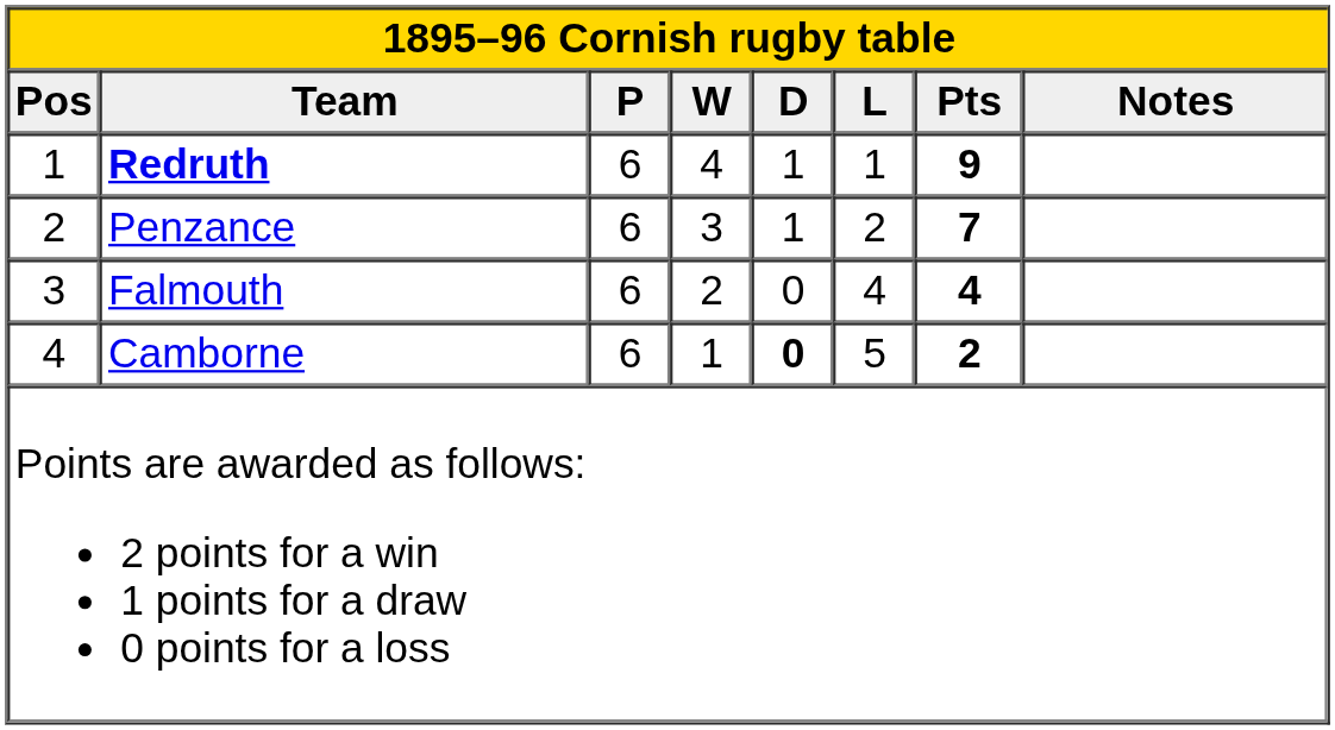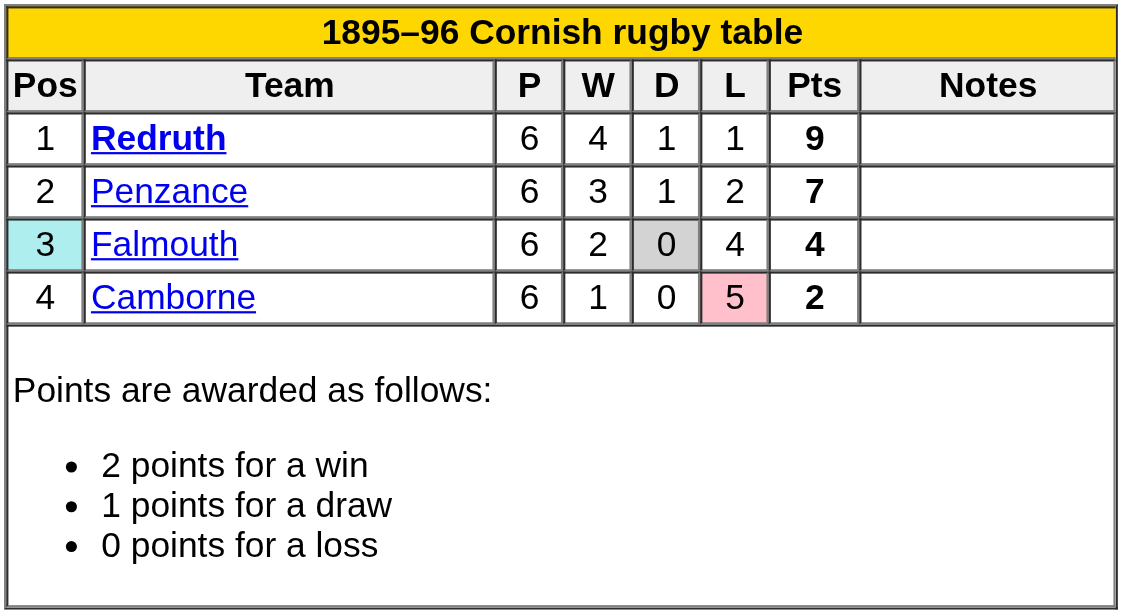 <table border="1" cellpadding="2" cellspacing="0">
 <tr bgcolor="gold">
 <th colspan=13 style="border-right:0px;";>1895–96 Cornish rugby table</th>
 </tr>
 <tr bgcolor="#efefef">
 <th width="20">Pos</th>
 <th width="180">Team</th>
 <th width="25">P</th>
 <th width="25">W</th>
 <th width="25">D</th>
 <th width="25">L</th>
 <th width="35">Pts</th>
 <th width="110">Notes</th>
 </tr>
 <tr align=center>
 <td>1</td>
 <td align=left><a href='#'><strong>Redruth</strong></a></td>
 <td>6</td>
 <td>4</td>
 <td>1</td>
 <td>1</td>
 <td><strong>9</strong></td>
 <td></td>
 </tr>
 <tr align=center>
 <td>2</td>
 <td align=left><a href='#'>Penzance</a></td>
 <td>6</td>
 <td>3</td>
 <td>1</td>
 <td>2</td>
 <td><strong>7</strong></td>
 <td></td>
 </tr>
 <tr align=center>
-<td>3</td>
+<td style="background: paleturquoise;">3</td>
 <td align=left><a href='#'>Falmouth</a></td>
 <td>6</td>
 <td>2</td>
-<td>0</td>
+<td style="background: lightgrey;">0</td>
 <td>4</td>
 <td><strong>4</strong></td>
 <td></td>
 </tr>
 <tr align=center>
 <td>4</td>
 <td align=left><a href='#'>Camborne</a></td>
 <td>6</td>
 <td>1</td>
-<td><strong>0</strong></td>
-<td>5</td>
+<td>0</td>
+<td style="background: pink;">5</td>
 <td><strong>2</strong></td>
 <td></td>
 </tr>
 <tr>
 </tr>
 <tr bgcolor=#ffffff>
 <td colspan="13"><br>Points are awarded as follows:<ul><li>2 points for a win</li><li>1 points for a draw</li><li>0 points for a loss</li></ul></td>
 </tr>
 </table>
